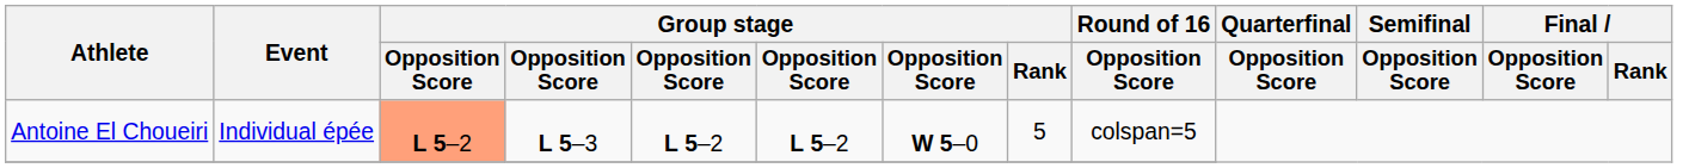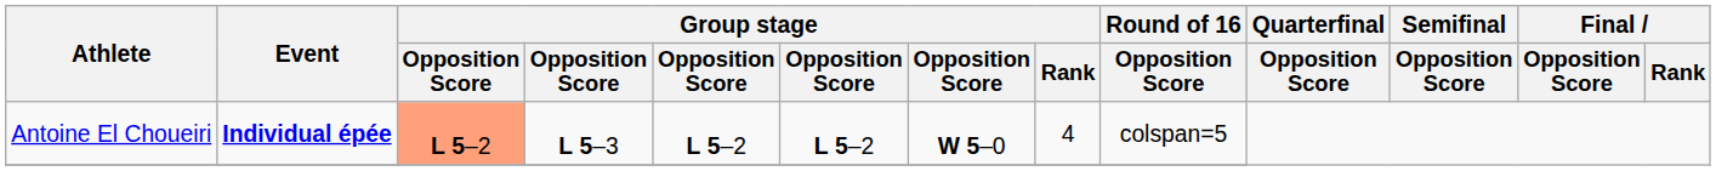 <table class=wikitable style="font-size:90%">
 <tr>
 <th rowspan=2>Athlete</th>
 <th rowspan=2>Event</th>
 <th colspan=6>Group stage</th>
 <th>Round of 16</th>
 <th>Quarterfinal</th>
 <th>Semifinal</th>
 <th colspan=2>Final / </th>
 </tr>
 <tr style="font-size:95%">
 <th>Opposition<br>Score</th>
 <th>Opposition<br>Score</th>
 <th>Opposition<br>Score</th>
 <th>Opposition<br>Score</th>
 <th>Opposition<br>Score</th>
 <th>Rank</th>
 <th>Opposition<br>Score</th>
 <th>Opposition<br>Score</th>
 <th>Opposition<br>Score</th>
 <th>Opposition<br>Score</th>
 <th>Rank</th>
 </tr>
 <tr align=center>
 <td align=left><a href='#'>Antoine El Choueiri</a></td>
-<td align=left><a href='#'>Individual épée</a></td>
+<td align=left><strong><a href='#'>Individual épée</a></strong></td>
 <td style="background: lightsalmon;"><br><strong>L</strong> <strong>5</strong>–2</td>
 <td><br><strong>L</strong> <strong>5</strong>–3</td>
 <td><br><strong>L</strong> <strong>5</strong>–2</td>
 <td><br><strong>L</strong> <strong>5</strong>–2</td>
 <td><br><strong>W</strong> <strong>5</strong>–0</td>
-<td>5</td>
+<td>4</td>
 <td>colspan=5 </td>
 </tr>
 <tr>
 </tr>
 </table>
